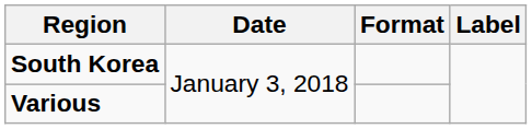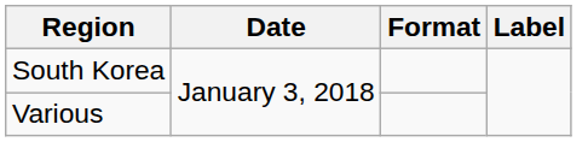 <table class = "wikitable plainrowheaders">
 <tr>
 <th>Region</th>
 <th>Date</th>
 <th>Format</th>
 <th>Label</th>
 </tr>
 <tr>
-<td><strong>South Korea</strong></td>
+<td>South Korea</td>
 <td rowspan="2">January 3, 2018</td>
 <td></td>
 <td rowspan="2"></td>
 </tr>
 <tr>
-<td><strong>Various</strong></td>
+<td>Various</td>
 <td></td>
 </tr>
 </table>
